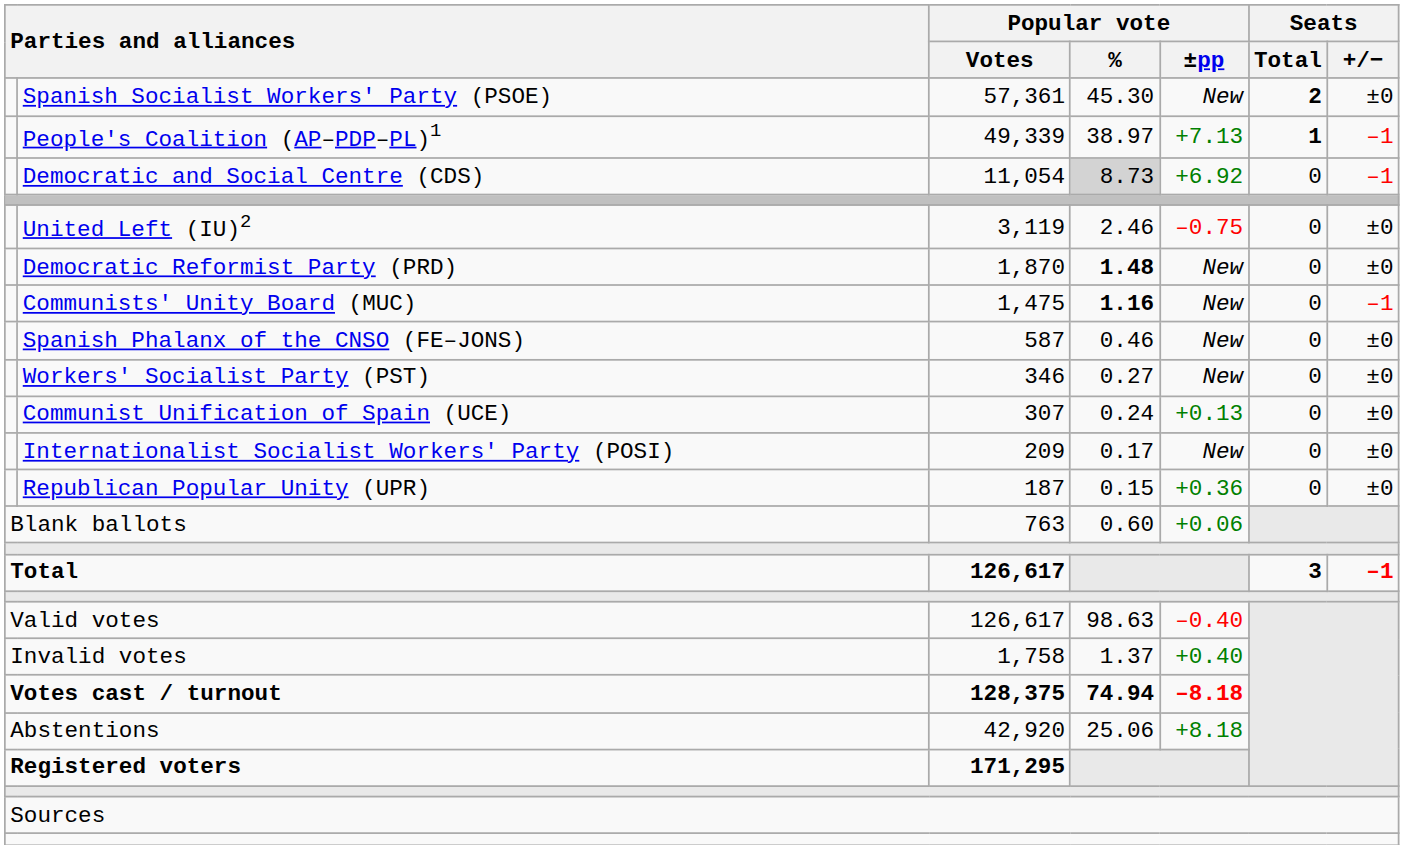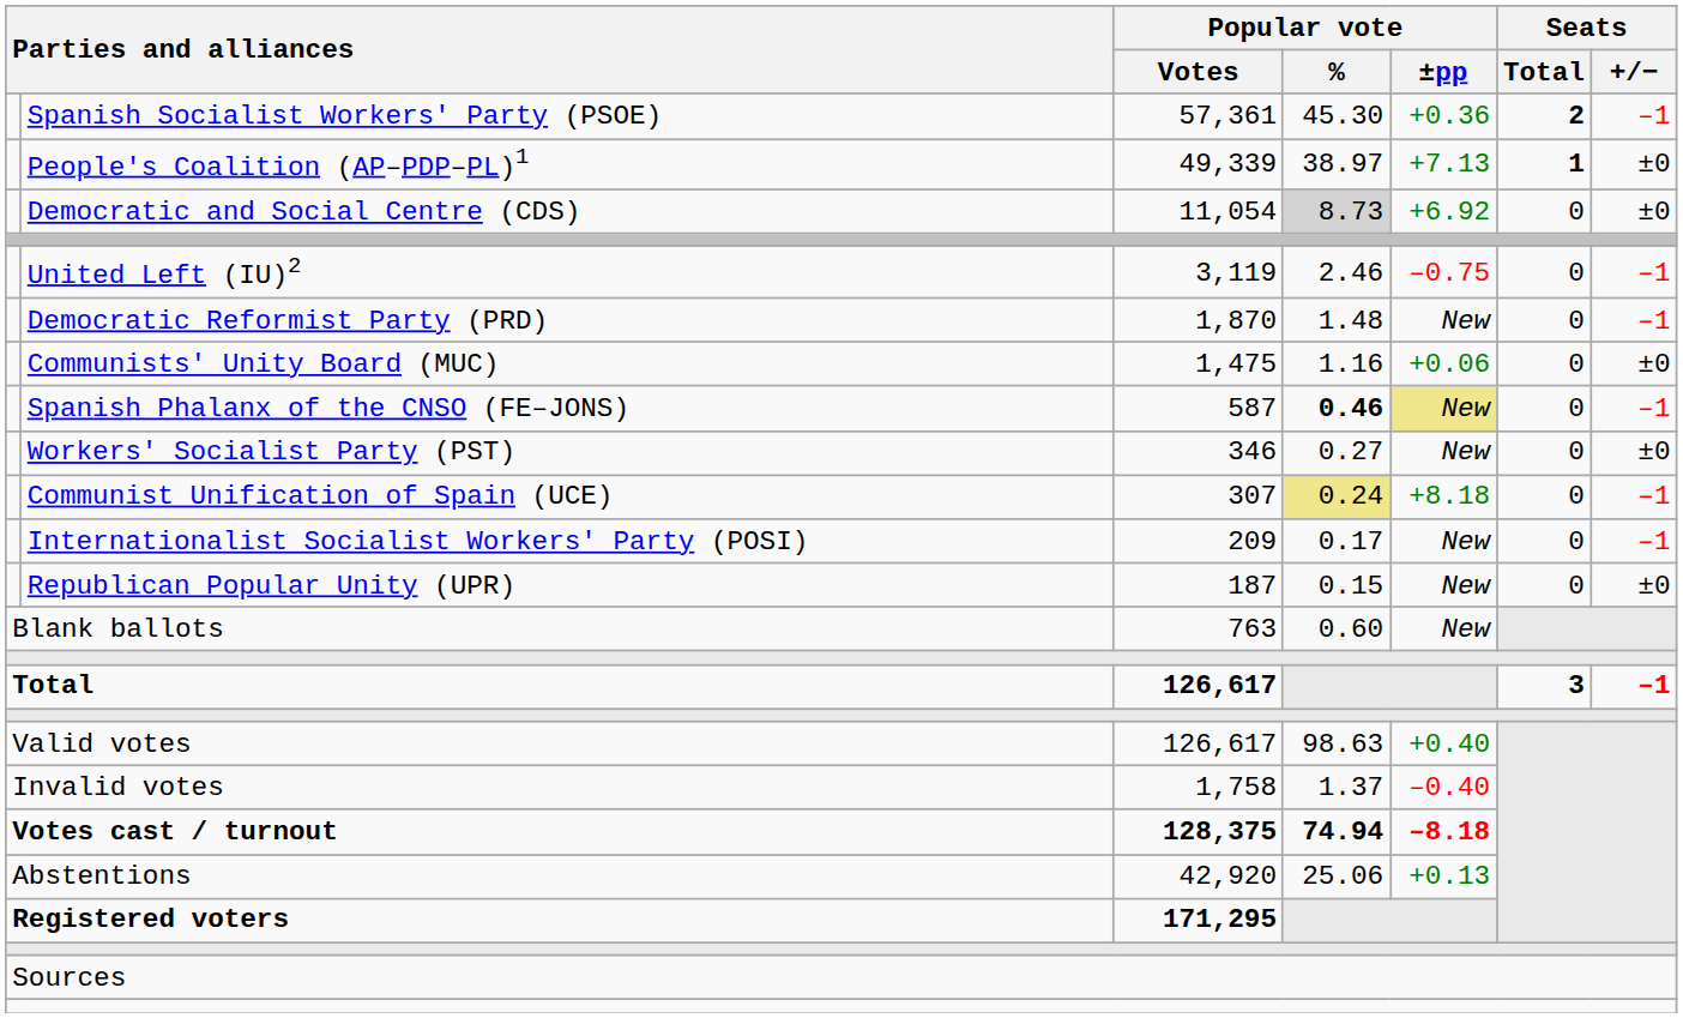 <table class="wikitable" style="text-align:right;">
 <tr>
 <th style="text-align:left;" rowspan="2" colspan="2" width="525">Parties and alliances</th>
 <th colspan="3">Popular vote</th>
 <th colspan="2">Seats</th>
 </tr>
 <tr>
 <th width="75">Votes</th>
 <th width="45">%</th>
 <th width="45">±<a href='#'>pp</a></th>
 <th width="35">Total</th>
 <th width="35">+/−</th>
 </tr>
 <tr>
 <td width="1" style="color:inherit;background:"></td>
 <td align="left"><a href='#'>Spanish Socialist Workers' Party</a> (PSOE)</td>
 <td>57,361</td>
 <td>45.30</td>
-<td><em>New</em></td>
+<td style="color:green;">+0.36</td>
 <td><strong>2</strong></td>
-<td>±0</td>
+<td style="color:red;">–1</td>
 </tr>
 <tr>
 <td style="color:inherit;background:"></td>
 <td align="left"><a href='#'>People's Coalition</a> (<a href='#'>AP</a>–<a href='#'>PDP</a>–<a href='#'>PL</a>)<sup>1</sup></td>
 <td>49,339</td>
 <td>38.97</td>
 <td style="color:green;">+7.13</td>
 <td><strong>1</strong></td>
-<td style="color:red;">–1</td>
+<td>±0</td>
 </tr>
 <tr>
 <td style="color:inherit;background:"></td>
 <td align="left"><a href='#'>Democratic and Social Centre</a> (CDS)</td>
 <td>11,054</td>
 <td style="background: lightgrey;">8.73</td>
 <td style="color:green;">+6.92</td>
 <td>0</td>
-<td style="color:red;">–1</td>
+<td>±0</td>
 </tr>
 <tr>
 <td colspan="7" bgcolor="#C0C0C0"></td>
 </tr>
 <tr>
 <td style="color:inherit;background:"></td>
 <td align="left"><a href='#'>United Left</a> (IU)<sup>2</sup></td>
 <td>3,119</td>
 <td>2.46</td>
 <td style="color:red;">–0.75</td>
 <td>0</td>
-<td>±0</td>
+<td style="color:red;">–1</td>
 </tr>
 <tr>
 <td style="color:inherit;background:"></td>
 <td align="left"><a href='#'>Democratic Reformist Party</a> (PRD)</td>
 <td>1,870</td>
-<td><strong>1.48</strong></td>
-<td><em>New</em></td>
-<td>0</td>
-<td>±0</td>
-</tr>
-<tr>
-<td style="color:inherit;background:"></td>
-<td align="left"><a href='#'>Communists' Unity Board</a> (MUC)</td>
-<td>1,475</td>
-<td><strong>1.16</strong></td>
+<td>1.48</td>
 <td><em>New</em></td>
 <td>0</td>
 <td style="color:red;">–1</td>
 </tr>
 <tr>
 <td style="color:inherit;background:"></td>
+<td align="left"><a href='#'>Communists' Unity Board</a> (MUC)</td>
+<td>1,475</td>
+<td>1.16</td>
+<td style="color:green;">+0.06</td>
+<td>0</td>
+<td>±0</td>
+</tr>
+<tr>
+<td style="color:inherit;background:"></td>
 <td align="left"><a href='#'>Spanish Phalanx of the CNSO</a> (FE–JONS)</td>
 <td>587</td>
-<td>0.46</td>
-<td><em>New</em></td>
+<td><strong>0.46</strong></td>
+<td style="background: khaki;"><em>New</em></td>
 <td>0</td>
-<td>±0</td>
+<td style="color:red;">–1</td>
 </tr>
 <tr>
 <td style="color:inherit;background:"></td>
 <td align="left"><a href='#'>Workers' Socialist Party</a> (PST)</td>
 <td>346</td>
 <td>0.27</td>
 <td><em>New</em></td>
 <td>0</td>
 <td>±0</td>
 </tr>
 <tr>
 <td style="color:inherit;background:"></td>
 <td align="left"><a href='#'>Communist Unification of Spain</a> (UCE)</td>
 <td>307</td>
-<td>0.24</td>
-<td style="color:green;">+0.13</td>
+<td style="background: khaki;">0.24</td>
+<td style="color:green;">+8.18</td>
 <td>0</td>
-<td>±0</td>
+<td style="color:red;">–1</td>
 </tr>
 <tr>
 <td style="color:inherit;background:"></td>
 <td align="left"><a href='#'>Internationalist Socialist Workers' Party</a> (POSI)</td>
 <td>209</td>
 <td>0.17</td>
 <td><em>New</em></td>
 <td>0</td>
-<td>±0</td>
+<td style="color:red;">–1</td>
 </tr>
 <tr>
 <td style="color:inherit;background:"></td>
 <td align="left"><a href='#'>Republican Popular Unity</a> (UPR)</td>
 <td>187</td>
 <td>0.15</td>
-<td style="color:green;">+0.36</td>
+<td><em>New</em></td>
 <td>0</td>
 <td>±0</td>
 </tr>
 <tr>
 <td align="left" colspan="2">Blank ballots</td>
 <td>763</td>
 <td>0.60</td>
-<td style="color:green;">+0.06</td>
+<td><em>New</em></td>
 <td bgcolor="#E9E9E9" colspan="2"></td>
 </tr>
 <tr>
 <td colspan="7" bgcolor="#E9E9E9"></td>
 </tr>
 <tr style="font-weight:bold;">
 <td align="left" colspan="2">Total</td>
 <td>126,617</td>
 <td bgcolor="#E9E9E9" colspan="2"></td>
 <td>3</td>
 <td style="color:red;">–1</td>
 </tr>
 <tr>
 <td colspan="7" bgcolor="#E9E9E9"></td>
 </tr>
 <tr>
 <td align="left" colspan="2">Valid votes</td>
 <td>126,617</td>
 <td>98.63</td>
-<td style="color:red;">–0.40</td>
+<td style="color:green;">+0.40</td>
 <td bgcolor="#E9E9E9" colspan="2" rowspan="5"></td>
 </tr>
 <tr>
 <td align="left" colspan="2">Invalid votes</td>
 <td>1,758</td>
 <td>1.37</td>
-<td style="color:green;">+0.40</td>
+<td style="color:red;">–0.40</td>
 </tr>
 <tr style="font-weight:bold;">
 <td align="left" colspan="2">Votes cast / turnout</td>
 <td>128,375</td>
 <td>74.94</td>
 <td style="color:red;">–8.18</td>
 </tr>
 <tr>
 <td align="left" colspan="2">Abstentions</td>
 <td>42,920</td>
 <td>25.06</td>
-<td style="color:green;">+8.18</td>
+<td style="color:green;">+0.13</td>
 </tr>
 <tr style="font-weight:bold;">
 <td align="left" colspan="2">Registered voters</td>
 <td>171,295</td>
 <td bgcolor="#E9E9E9" colspan="2"></td>
 </tr>
 <tr>
 <td colspan="7" bgcolor="#E9E9E9"></td>
 </tr>
 <tr>
 <td align="left" colspan="7">Sources</td>
 </tr>
 <tr>
 <td colspan="7" style="text-align:left; max-width:790px;"></td>
 </tr>
 </table>
